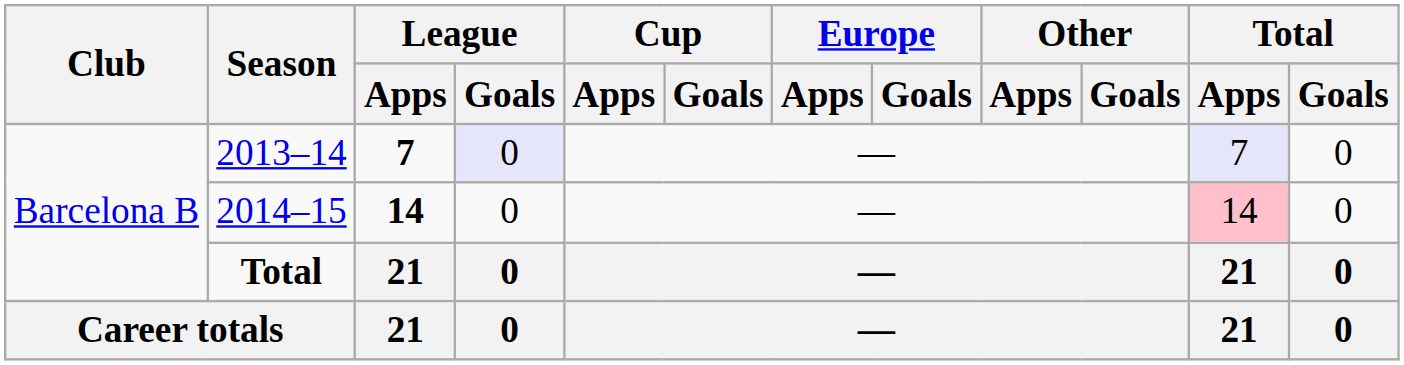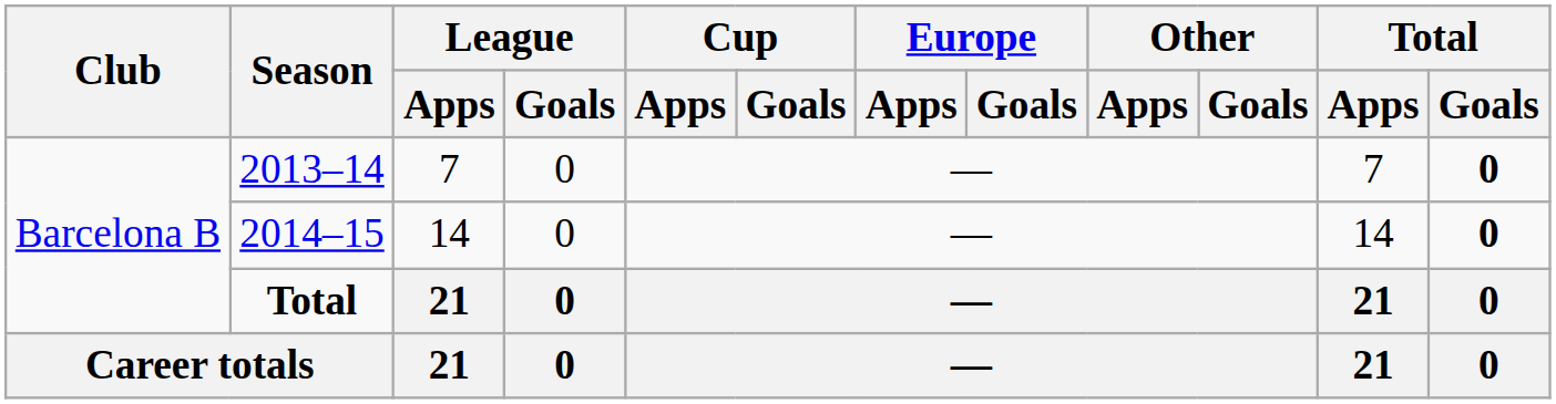 <table class="wikitable" style="text-align: center;">
 <tr>
 <th rowspan="2">Club</th>
 <th rowspan="2">Season</th>
 <th colspan="2">League</th>
 <th colspan="2">Cup</th>
 <th colspan="2"><a href='#'>Europe</a></th>
 <th colspan="2">Other</th>
 <th colspan="2">Total</th>
 </tr>
 <tr>
 <th>Apps</th>
 <th>Goals</th>
 <th>Apps</th>
 <th>Goals</th>
 <th>Apps</th>
 <th>Goals</th>
 <th>Apps</th>
 <th>Goals</th>
 <th>Apps</th>
 <th>Goals</th>
 </tr>
 <tr>
 <td rowspan="3" align=center valign=center><a href='#'>Barcelona B</a></td>
 <td !colspan="2"><a href='#'>2013–14</a></td>
-<td><strong>7</strong></td>
-<td style="background: lavender;">0</td>
+<td>7</td>
+<td>0</td>
 <td colspan=6>—</td>
-<td style="background: lavender;">7</td>
-<td>0</td>
+<td>7</td>
+<td><strong>0</strong></td>
 </tr>
 <tr>
 <td !colspan="2"><a href='#'>2014–15</a></td>
-<td><strong>14</strong></td>
+<td>14</td>
 <td>0</td>
 <td colspan=6>—</td>
-<td style="background: pink;">14</td>
-<td>0</td>
+<td>14</td>
+<td><strong>0</strong></td>
 </tr>
 <tr>
 <td !colspan="2"><strong>Total</strong></td>
 <th>21</th>
 <th>0</th>
 <th colspan=6>—</th>
 <th>21</th>
 <th>0</th>
 </tr>
 <tr>
 <th colspan="2">Career totals</th>
 <th>21</th>
 <th>0</th>
 <th colspan=6>—</th>
 <th>21</th>
 <th>0</th>
 </tr>
 </table>
